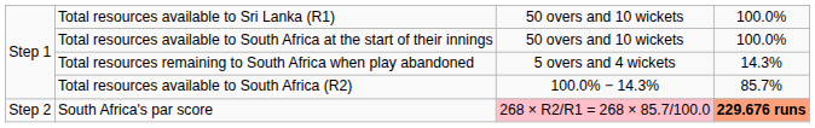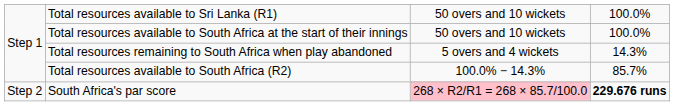 <table class="wikitable">
 <tr>
 <td rowspan="4" colspan="1" style="text-align: center;">Step 1</td>
 <td>Total resources available to Sri Lanka (R1)</td>
 <td align="center">50 overs and 10 wickets</td>
 <td align="center">100.0%</td>
 </tr>
 <tr>
 <td>Total resources available to South Africa at the start of their innings</td>
 <td align="center">50 overs and 10 wickets</td>
 <td align="center">100.0%</td>
 </tr>
 <tr>
 <td>Total resources remaining to South Africa when play abandoned</td>
 <td align="center">5 overs and 4 wickets</td>
 <td align="center">14.3%</td>
 </tr>
 <tr>
 <td>Total resources available to South Africa (R2)</td>
 <td align="center">100.0% − 14.3%</td>
 <td align="center">85.7%</td>
 </tr>
 <tr>
 <td rowspan="1" colspan="1" style="text-align: center;">Step 2</td>
 <td>South Africa's par score</td>
 <td align="center" style="background: pink;">268 × R2/R1 = 268 × 85.7/100.0</td>
-<td align="center" style="background: lightsalmon;"><strong>229.676 runs</strong></td>
+<td align="center"><strong>229.676 runs</strong></td>
 </tr>
 </table>
